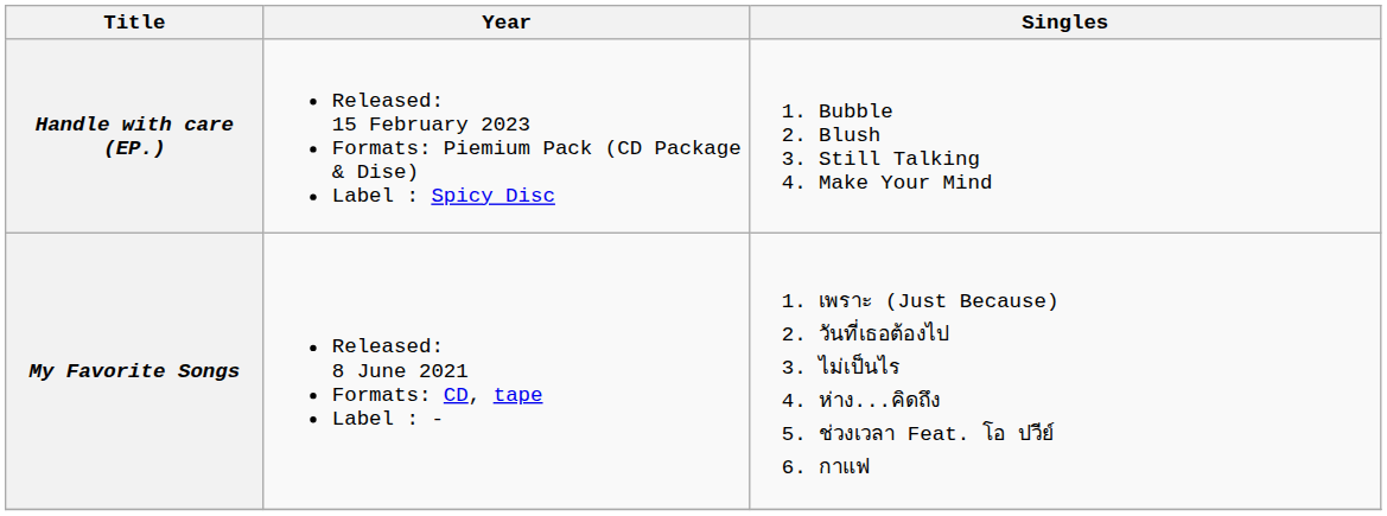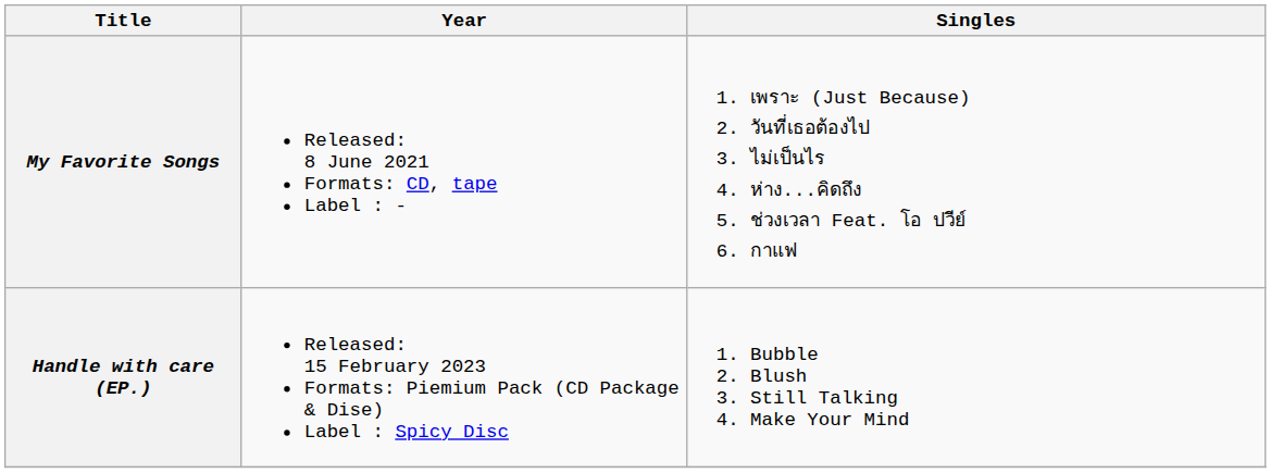 <table class="wikitable">
 <tr>
 <th style="width:12em;">Title</th>
 <th align = "left" width = "300px">Year</th>
 <th align = "left" width = "390px">Singles</th>
 </tr>
 <tr>
+<th><strong><em>My Favorite Songs</em></strong></th>
+<td><br><ul><li>Released: <br>8 June 2021</li><li>Formats: <a href='#'>CD</a>, <a href='#'>tape</a></li><li>Label : -</li></ul></td>
+<td><br><ol><li>เพราะ (Just Because)</li><li>วันที่เธอต้องไป</li><li>ไม่เป็นไร</li><li>ห่าง...คิดถึง</li><li>ช่วงเวลา Feat. โอ ปวีย์</li><li>กาแฟ</li></ol></td>
+</tr>
+<tr>
 <th><strong><em>Handle with care (EP.)</em></strong></th>
 <td><br><ul><li>Released: <br>15 February 2023</li><li>Formats: Piemium Pack (CD Package & Dise)</li><li>Label : <a href='#'>Spicy Disc</a></li></ul></td>
 <td><br><ol><li>Bubble</li><li>Blush</li><li>Still Talking</li><li>Make Your Mind</li></ol></td>
 </tr>
 <tr>
-<th><strong><em>My Favorite Songs</em></strong></th>
-<td><br><ul><li>Released: <br>8 June 2021</li><li>Formats: <a href='#'>CD</a>, <a href='#'>tape</a></li><li>Label : -</li></ul></td>
-<td><br><ol><li>เพราะ (Just Because)</li><li>วันที่เธอต้องไป</li><li>ไม่เป็นไร</li><li>ห่าง...คิดถึง</li><li>ช่วงเวลา Feat. โอ ปวีย์</li><li>กาแฟ</li></ol></td>
-</tr>
-<tr>
 </tr>
 </table>
